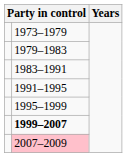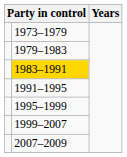 <table class="wikitable">
 <tr>
 <th colspan="2">Party in control</th>
 <th>Years</th>
 </tr>
 <tr>
 <td></td>
 <td>1973–1979</td>
 </tr>
 <tr>
 <td></td>
 <td>1979–1983</td>
 </tr>
 <tr>
 <td></td>
-<td>1983–1991</td>
+<td style="background: gold;">1983–1991</td>
 </tr>
 <tr>
 <td></td>
 <td>1991–1995</td>
 </tr>
 <tr>
 <td></td>
 <td>1995–1999</td>
 </tr>
 <tr>
 <td></td>
-<td><strong>1999–2007</strong></td>
+<td>1999–2007</td>
 </tr>
 <tr>
 <td></td>
-<td style="background: pink;">2007–2009</td>
+<td>2007–2009</td>
 </tr>
 </table>
